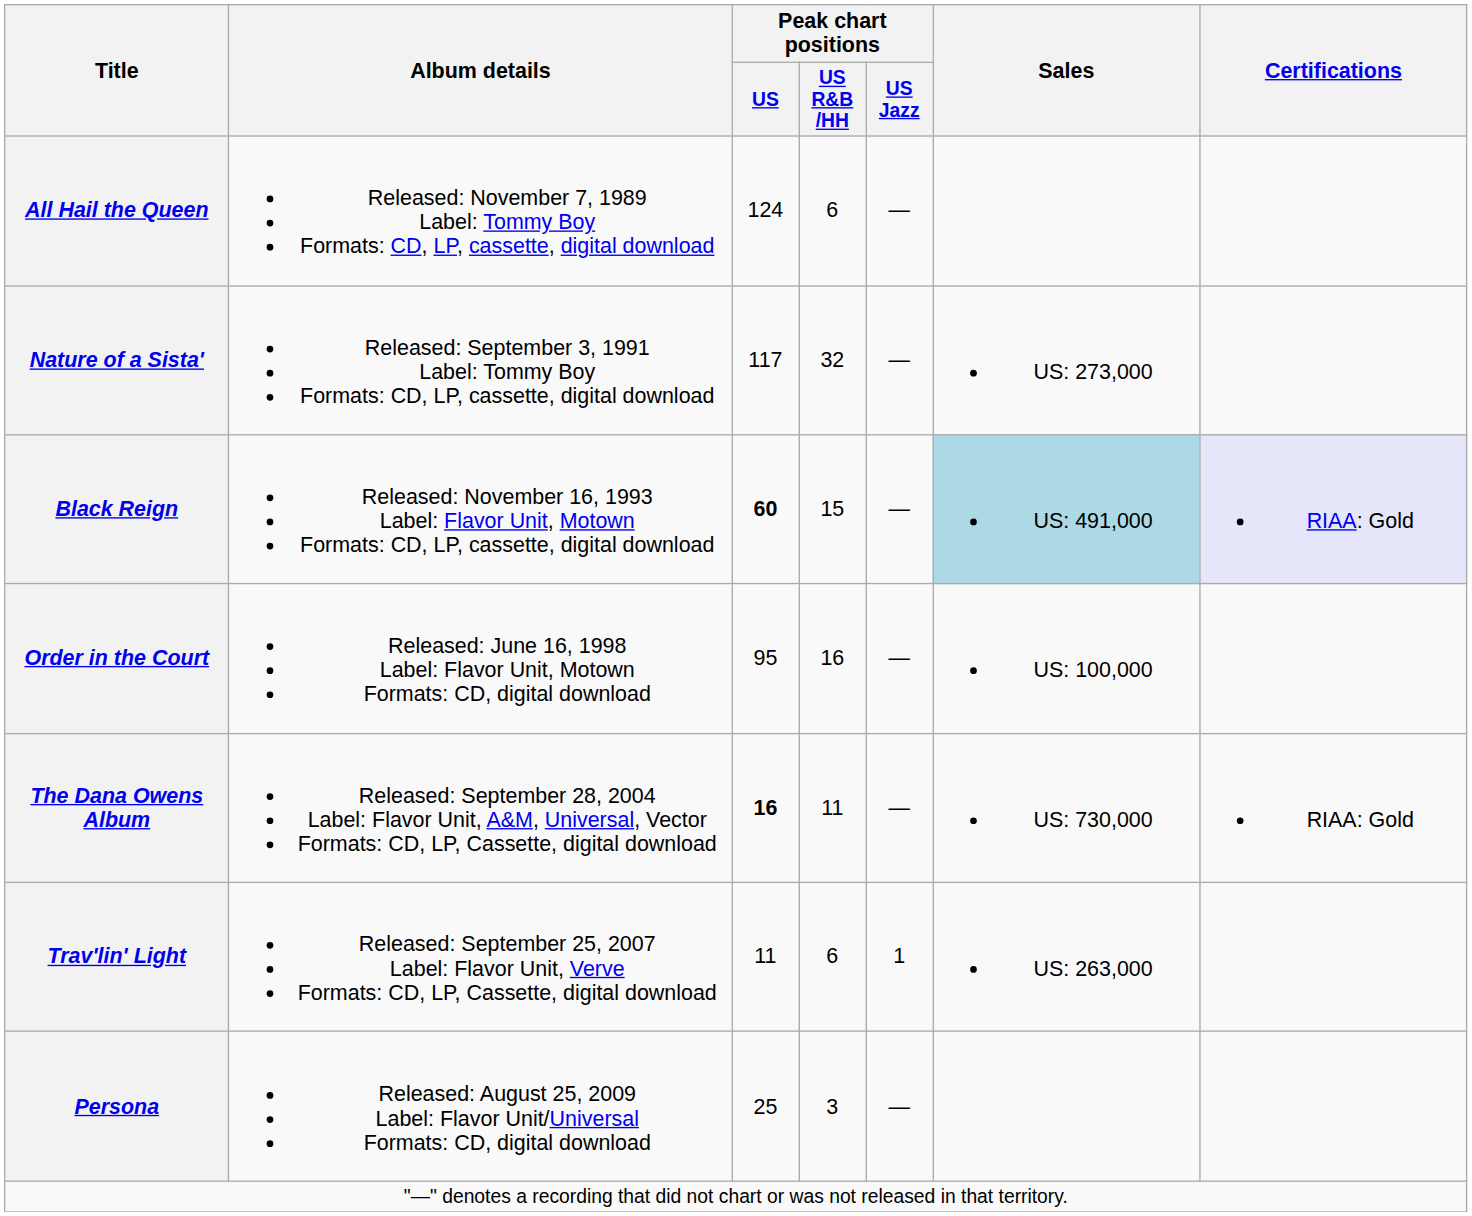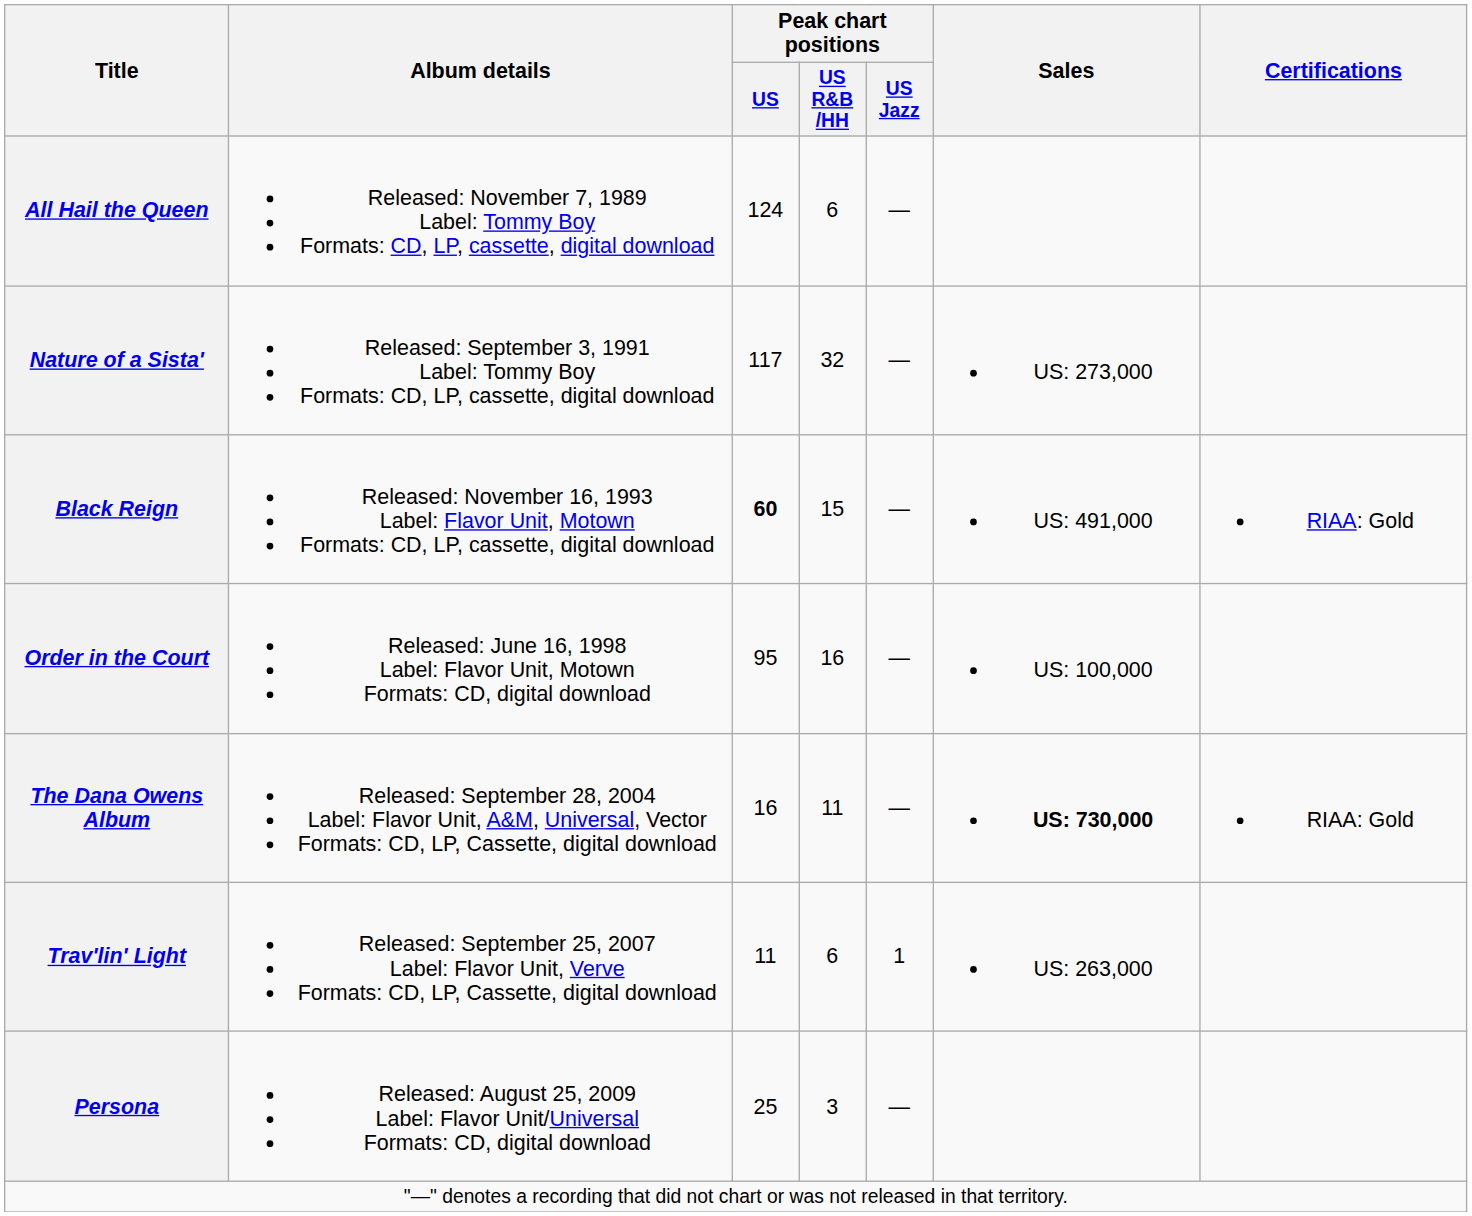 <table class="wikitable plainrowheaders" style="text-align:center;" border="1">
 <tr>
 <th scope="col" rowspan="2" style="width:10em;">Title</th>
 <th scope="col" rowspan="2" style="width:23em;">Album details</th>
 <th scope="col" colspan="3">Peak chart positions</th>
 <th scope="col" rowspan="2" style="width:12em;">Sales</th>
 <th scope="col" rowspan="2" style="width:12em;"><a href='#'>Certifications</a></th>
 </tr>
 <tr>
 <th scope="col" style="width:3em;font-size:90%;"><a href='#'>US</a><br></th>
 <th scope="col" style="width:3em;font-size:90%;"><a href='#'>US<br>R&B<br>/HH</a><br></th>
 <th scope="col" style="width:3em;font-size:90%;"><a href='#'>US<br>Jazz</a><br></th>
 </tr>
 <tr>
 <th scope="row"><em><a href='#'>All Hail the Queen</a></em></th>
 <td><br><ul><li>Released: November 7, 1989</li><li>Label: <a href='#'>Tommy Boy</a></li><li>Formats: <a href='#'>CD</a>, <a href='#'>LP</a>, <a href='#'>cassette</a>, <a href='#'>digital download</a></li></ul></td>
 <td align="center">124</td>
 <td align="center">6</td>
 <td align="center">—</td>
 <td></td>
 <td></td>
 </tr>
 <tr>
 <th scope="row"><em><a href='#'>Nature of a Sista'</a></em></th>
 <td><br><ul><li>Released: September 3, 1991</li><li>Label: Tommy Boy</li><li>Formats: CD, LP, cassette, digital download</li></ul></td>
 <td align="center">117</td>
 <td align="center">32</td>
 <td align="center">—</td>
 <td><br><ul><li>US: 273,000</li></ul></td>
 <td></td>
 </tr>
 <tr>
 <th scope="row"><em><a href='#'>Black Reign</a></em></th>
 <td><br><ul><li>Released: November 16, 1993</li><li>Label: <a href='#'>Flavor Unit</a>, <a href='#'>Motown</a></li><li>Formats: CD, LP, cassette, digital download</li></ul></td>
 <td align="center"><strong>60</strong></td>
 <td align="center">15</td>
 <td align="center">—</td>
-<td style="background: lightblue;"><br><ul><li>US: 491,000</li></ul></td>
-<td style="background: lavender;"><br><ul><li><a href='#'>RIAA</a>: Gold</li></ul></td>
+<td><br><ul><li>US: 491,000</li></ul></td>
+<td><br><ul><li><a href='#'>RIAA</a>: Gold</li></ul></td>
 </tr>
 <tr>
 <th scope="row"><em><a href='#'>Order in the Court</a></em></th>
 <td><br><ul><li>Released: June 16, 1998</li><li>Label: Flavor Unit, Motown</li><li>Formats: CD, digital download</li></ul></td>
 <td align="center">95</td>
 <td align="center">16</td>
 <td align="center">—</td>
 <td><br><ul><li>US: 100,000</li></ul></td>
 <td></td>
 </tr>
 <tr>
 <th scope="row"><em><a href='#'>The Dana Owens Album</a></em></th>
 <td><br><ul><li>Released: September 28, 2004</li><li>Label: Flavor Unit, <a href='#'>A&M</a>, <a href='#'>Universal</a>, Vector</li><li>Formats: CD, LP, Cassette, digital download</li></ul></td>
-<td align="center"><strong>16</strong></td>
+<td align="center">16</td>
 <td align="center">11</td>
 <td align="center">—</td>
-<td><br><ul><li>US: 730,000</li></ul></td>
+<td><strong><br><ul><li>US: 730,000</li></ul></strong></td>
 <td><br><ul><li>RIAA: Gold</li></ul></td>
 </tr>
 <tr>
 <th scope="row"><em><a href='#'>Trav'lin' Light</a></em></th>
 <td><br><ul><li>Released: September 25, 2007</li><li>Label: Flavor Unit, <a href='#'>Verve</a></li><li>Formats: CD, LP, Cassette, digital download</li></ul></td>
 <td align="center">11</td>
 <td align="center">6</td>
 <td align="center">1</td>
 <td><br><ul><li>US: 263,000</li></ul></td>
 <td></td>
 </tr>
 <tr>
 <th scope="row"><em><a href='#'>Persona</a></em></th>
 <td><br><ul><li>Released: August 25, 2009</li><li>Label: Flavor Unit/<a href='#'>Universal</a></li><li>Formats: CD, digital download</li></ul></td>
 <td align="center">25</td>
 <td align="center">3</td>
 <td align="center">—</td>
 <td></td>
 <td></td>
 </tr>
 <tr>
 <td colspan="15" style="font-size:90%">"—" denotes a recording that did not chart or was not released in that territory.</td>
 </tr>
 </table>
